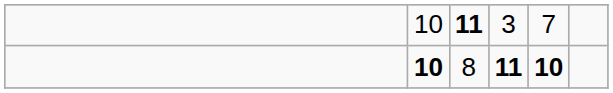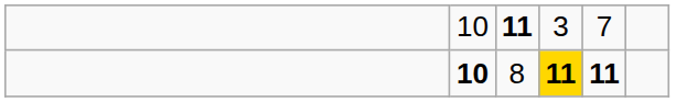 <table class="wikitable">
 <tr>
 <td style="width:15em"></td>
 <td align=center style="width:1em">10</td>
 <td align=center style="width:1em"><strong>11</strong></td>
 <td align=center style="width:1em">3</td>
 <td align=center style="width:1em">7</td>
 <td align=center style="width:1em"></td>
 </tr>
 <tr>
 <td style="width:15em"></td>
 <td align=center style="width:1em"><strong>10</strong></td>
 <td align=center style="width:1em">8</td>
+<td align=center style="background: gold; width:1em"><strong>11</strong></td>
 <td align=center style="width:1em"><strong>11</strong></td>
-<td align=center style="width:1em"><strong>10</strong></td>
 <td align=center style="width:1em"></td>
 </tr>
 </table>
